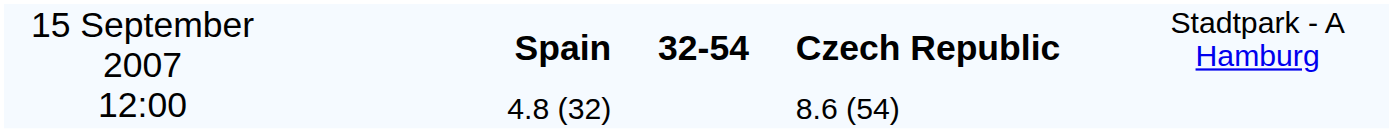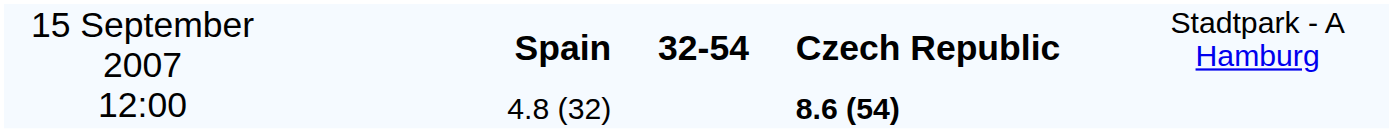 <table style="width: 100%; background:#F5FAFF;" cellspacing="0">
 <tr>
 <td align=center rowspan=3 width=20%>15 September 2007<br>12:00</td>
 </tr>
 <tr>
 <td width=24% align=right><strong>Spain</strong></td>
 <td align=center width=13%><strong>32-54</strong></td>
 <td width=24%><strong>Czech Republic</strong></td>
 <td style=font-size:85% rowspan=3 valign=top align=center>Stadtpark - A <br><a href='#'>Hamburg</a></td>
 </tr>
 <tr style=font-size:85%>
 <td align=right>4.8 (32)</td>
 <td align=center></td>
-<td>8.6 (54)</td>
+<td><strong>8.6 (54)</strong></td>
 </tr>
 </table>
